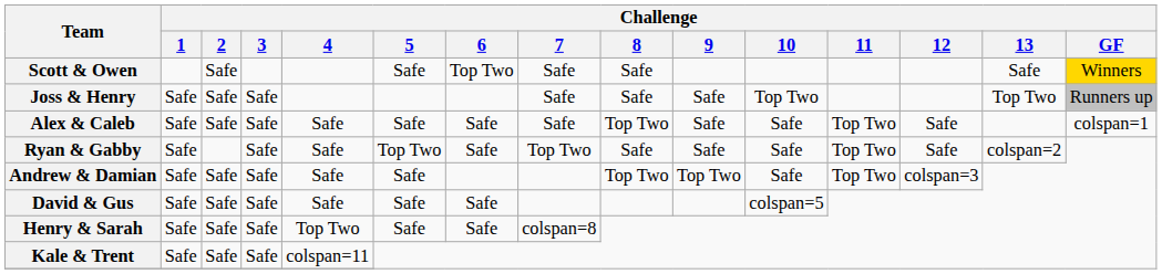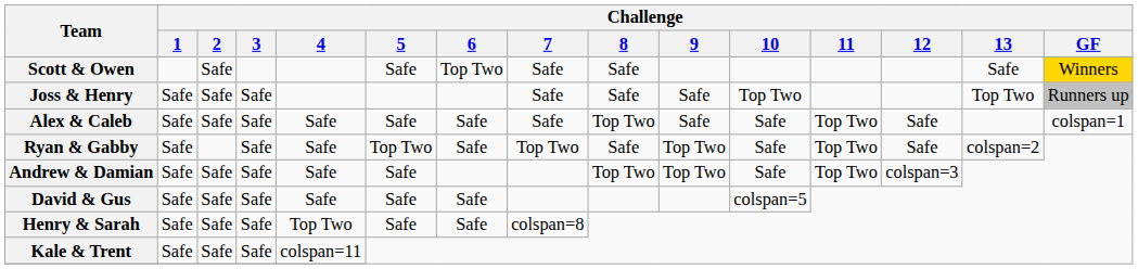 <table class="wikitable plainrowheaders" style="text-align: center; line-height:16px;">
 <tr>
 <th rowspan=2 scope="col">Team</th>
 <th colspan=14 scope="col">Challenge</th>
 </tr>
 <tr>
 <th scope="col"><a href='#'>1</a></th>
 <th scope="col"><a href='#'>2</a></th>
 <th scope="col"><a href='#'>3</a></th>
 <th scope="col"><a href='#'>4</a></th>
 <th scope="col"><a href='#'>5</a></th>
 <th scope="col"><a href='#'>6</a></th>
 <th scope="col"><a href='#'>7</a></th>
 <th scope="col"><a href='#'>8</a></th>
 <th scope="col"><a href='#'>9</a></th>
 <th scope="col"><a href='#'>10</a></th>
 <th scope="col"><a href='#'>11</a></th>
 <th scope="col"><a href='#'>12</a></th>
 <th scope="col"><a href='#'>13</a></th>
 <th scope="col"><a href='#'>GF</a></th>
 </tr>
 <tr>
 <th>Scott & Owen</th>
 <td></td>
 <td>Safe</td>
 <td></td>
 <td></td>
 <td>Safe</td>
 <td>Top Two</td>
 <td>Safe</td>
 <td>Safe</td>
 <td></td>
 <td></td>
 <td></td>
 <td></td>
 <td>Safe</td>
 <td style="background:gold">Winners</td>
 </tr>
 <tr>
 <th>Joss & Henry</th>
 <td>Safe</td>
 <td>Safe</td>
 <td>Safe</td>
 <td></td>
 <td></td>
 <td></td>
 <td>Safe</td>
 <td>Safe</td>
 <td>Safe</td>
 <td>Top Two</td>
 <td></td>
 <td></td>
 <td>Top Two</td>
 <td style="background:silver">Runners up</td>
 </tr>
 <tr>
 <th>Alex & Caleb</th>
 <td>Safe</td>
 <td>Safe</td>
 <td>Safe</td>
 <td>Safe</td>
 <td>Safe</td>
 <td>Safe</td>
 <td>Safe</td>
 <td>Top Two</td>
 <td>Safe</td>
 <td>Safe</td>
 <td>Top Two</td>
 <td>Safe</td>
 <td></td>
 <td>colspan=1 </td>
 </tr>
 <tr>
 <th>Ryan & Gabby</th>
 <td>Safe</td>
 <td></td>
 <td>Safe</td>
 <td>Safe</td>
 <td>Top Two</td>
 <td>Safe</td>
 <td>Top Two</td>
 <td>Safe</td>
-<td>Safe</td>
+<td>Top Two</td>
 <td>Safe</td>
 <td>Top Two</td>
 <td>Safe</td>
 <td>colspan=2 </td>
 </tr>
 <tr>
 <th>Andrew & Damian</th>
 <td>Safe</td>
 <td>Safe</td>
 <td>Safe</td>
 <td>Safe</td>
 <td>Safe</td>
 <td></td>
 <td></td>
 <td>Top Two</td>
 <td>Top Two</td>
 <td>Safe</td>
 <td>Top Two</td>
 <td>colspan=3 </td>
 </tr>
 <tr>
 <th>David & Gus</th>
 <td>Safe</td>
 <td>Safe</td>
 <td>Safe</td>
 <td>Safe</td>
 <td>Safe</td>
 <td>Safe</td>
 <td></td>
 <td></td>
 <td></td>
 <td>colspan=5 </td>
 </tr>
 <tr>
 <th>Henry & Sarah</th>
 <td>Safe</td>
 <td>Safe</td>
 <td>Safe</td>
 <td>Top Two</td>
 <td>Safe</td>
 <td>Safe</td>
 <td>colspan=8 </td>
 </tr>
 <tr>
 <th>Kale & Trent</th>
 <td>Safe</td>
 <td>Safe</td>
 <td>Safe</td>
 <td>colspan=11 </td>
 </tr>
 <tr>
 </tr>
 </table>
